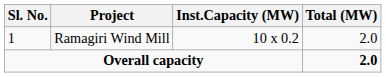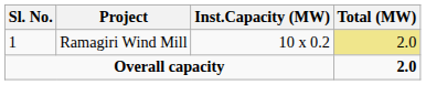 <table class="wikitable sortable">
 <tr style="text-align:left;">
 <th>Sl. No.</th>
 <th>Project</th>
 <th>Inst.Capacity (MW)</th>
 <th>Total (MW)</th>
 </tr>
 <tr>
 <td>1</td>
 <td>Ramagiri Wind Mill</td>
 <td style="text-align:right;">10 x 0.2</td>
-<td style="text-align:right;">2.0</td>
+<td style="background: khaki; text-align:right;">2.0</td>
 </tr>
 <tr>
 <td colspan="3" style="text-align:center;"><strong>Overall capacity</strong></td>
 <td style="text-align:right;"><strong>2.0</strong></td>
 </tr>
 </table>
